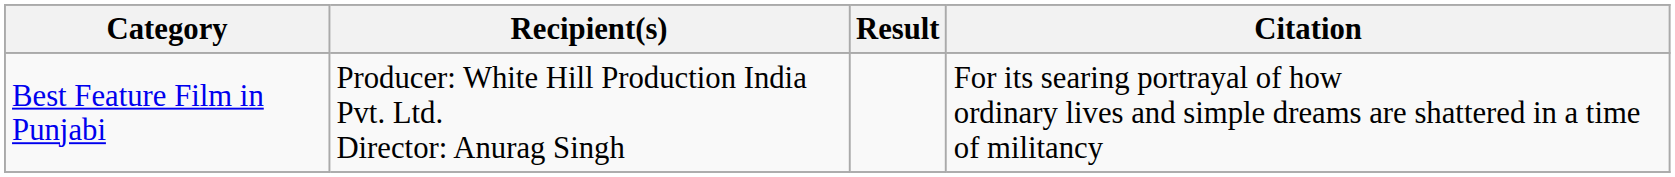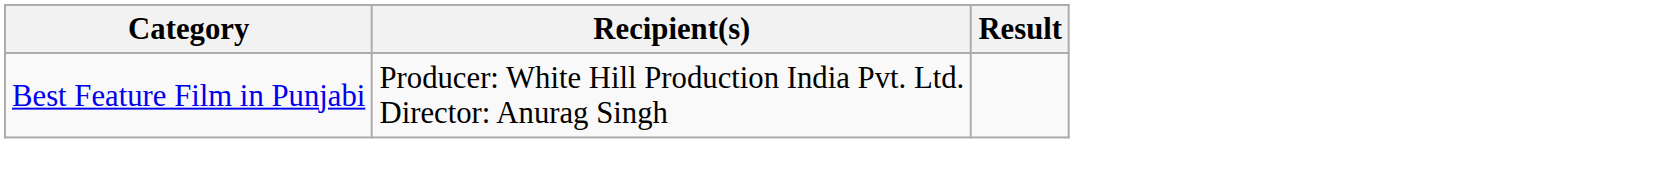 <table class="wikitable plainrowheaders">
 <tr>
 <th>Category</th>
 <th>Recipient(s)</th>
 <th>Result</th>
-<th>Citation</th>
 </tr>
 <tr>
 <td><a href='#'>Best Feature Film in Punjabi</a></td>
 <td>Producer: White Hill Production India Pvt. Ltd.<br>Director: Anurag Singh</td>
 <td></td>
-<td>For its searing portrayal of how<br>ordinary lives and simple dreams are shattered in a time of militancy</td>
 </tr>
 </table>
